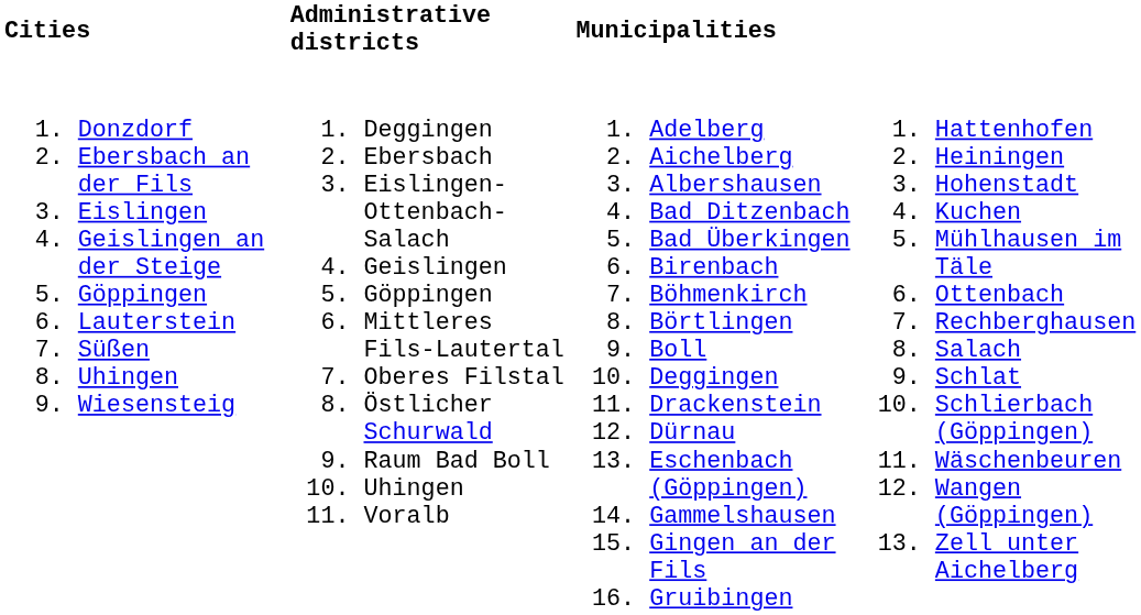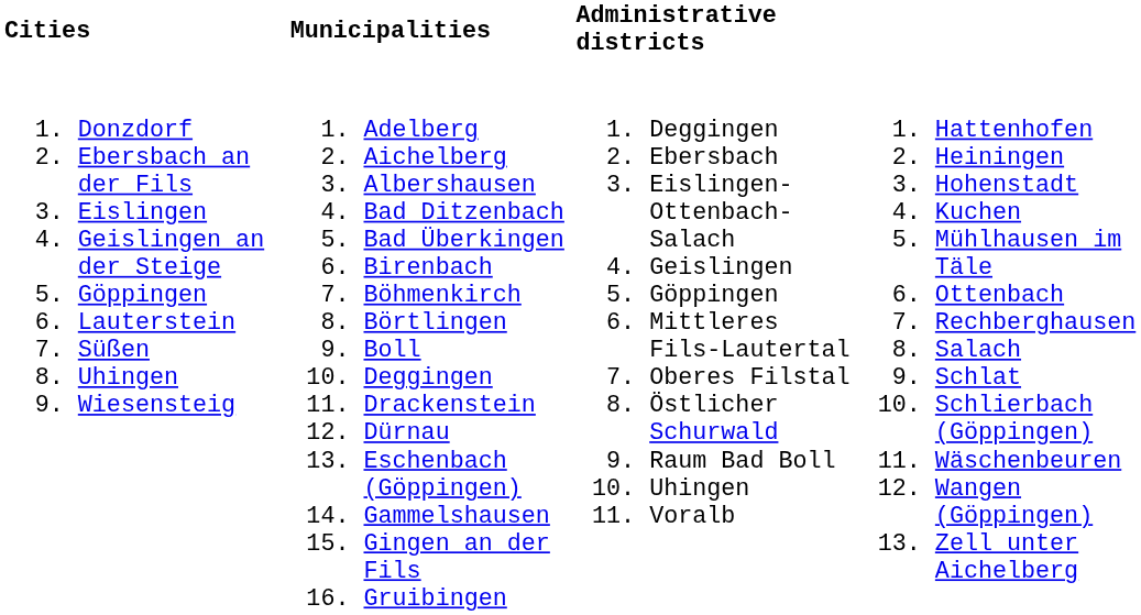 <table>
 <tr>
 <th width=25% align=left>Cities</th>
+<th width=25% align=left>Municipalities</th>
 <th width=25% align=left>Administrative districts</th>
-<th width=25% align=left>Municipalities</th>
 <th></th>
 </tr>
 <tr valign=top>
 <td><br><ol><li><a href='#'>Donzdorf</a></li><li><a href='#'>Ebersbach an der Fils</a></li><li><a href='#'>Eislingen</a></li><li><a href='#'>Geislingen an der Steige</a></li><li><a href='#'>Göppingen</a></li><li><a href='#'>Lauterstein</a></li><li><a href='#'>Süßen</a></li><li><a href='#'>Uhingen</a></li><li><a href='#'>Wiesensteig</a></li></ol></td>
+<td><br><ol><li><a href='#'>Adelberg</a></li><li><a href='#'>Aichelberg</a></li><li><a href='#'>Albershausen</a></li><li><a href='#'>Bad Ditzenbach</a></li><li><a href='#'>Bad Überkingen</a></li><li><a href='#'>Birenbach</a></li><li><a href='#'>Böhmenkirch</a></li><li><a href='#'>Börtlingen</a></li><li><a href='#'>Boll</a></li><li><a href='#'>Deggingen</a></li><li><a href='#'>Drackenstein</a></li><li><a href='#'>Dürnau</a></li><li><a href='#'>Eschenbach (Göppingen)</a></li><li><a href='#'>Gammelshausen</a></li><li><a href='#'>Gingen an der Fils</a></li><li><a href='#'>Gruibingen</a></li></ol></td>
 <td><br><ol><li>Deggingen</li><li>Ebersbach</li><li>Eislingen-Ottenbach-Salach</li><li>Geislingen</li><li>Göppingen</li><li>Mittleres Fils-Lautertal</li><li>Oberes Filstal</li><li>Östlicher <a href='#'>Schurwald</a></li><li>Raum Bad Boll</li><li>Uhingen</li><li>Voralb</li></ol></td>
-<td><br><ol><li><a href='#'>Adelberg</a></li><li><a href='#'>Aichelberg</a></li><li><a href='#'>Albershausen</a></li><li><a href='#'>Bad Ditzenbach</a></li><li><a href='#'>Bad Überkingen</a></li><li><a href='#'>Birenbach</a></li><li><a href='#'>Böhmenkirch</a></li><li><a href='#'>Börtlingen</a></li><li><a href='#'>Boll</a></li><li><a href='#'>Deggingen</a></li><li><a href='#'>Drackenstein</a></li><li><a href='#'>Dürnau</a></li><li><a href='#'>Eschenbach (Göppingen)</a></li><li><a href='#'>Gammelshausen</a></li><li><a href='#'>Gingen an der Fils</a></li><li><a href='#'>Gruibingen</a></li></ol></td>
 <td><br><ol> <li><a href='#'>Hattenhofen</a> <li><a href='#'>Heiningen</a> <li><a href='#'>Hohenstadt</a> <li><a href='#'>Kuchen</a> <li><a href='#'>Mühlhausen im Täle</a> <li><a href='#'>Ottenbach</a> <li><a href='#'>Rechberghausen</a> <li><a href='#'>Salach</a> <li><a href='#'>Schlat</a> <li><a href='#'>Schlierbach (Göppingen)</a> <li><a href='#'>Wäschenbeuren</a> <li><a href='#'>Wangen (Göppingen)</a> <li><a href='#'>Zell unter Aichelberg</a> </ol></td>
 </tr>
 </table>
